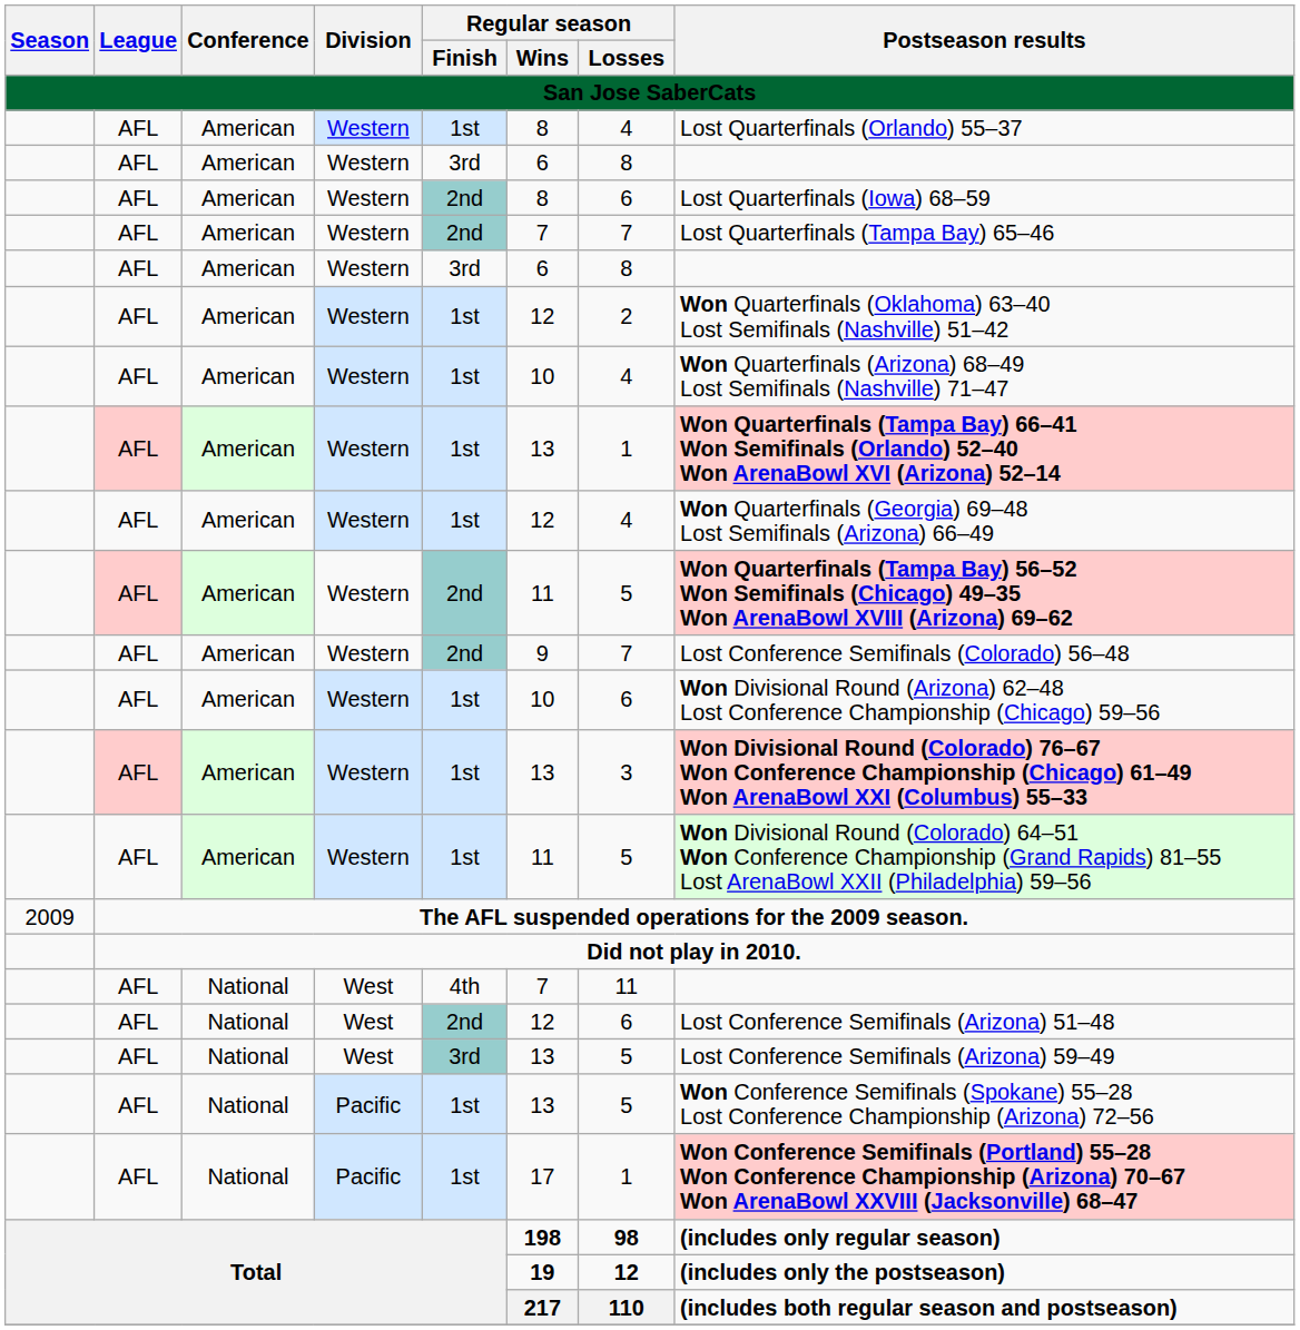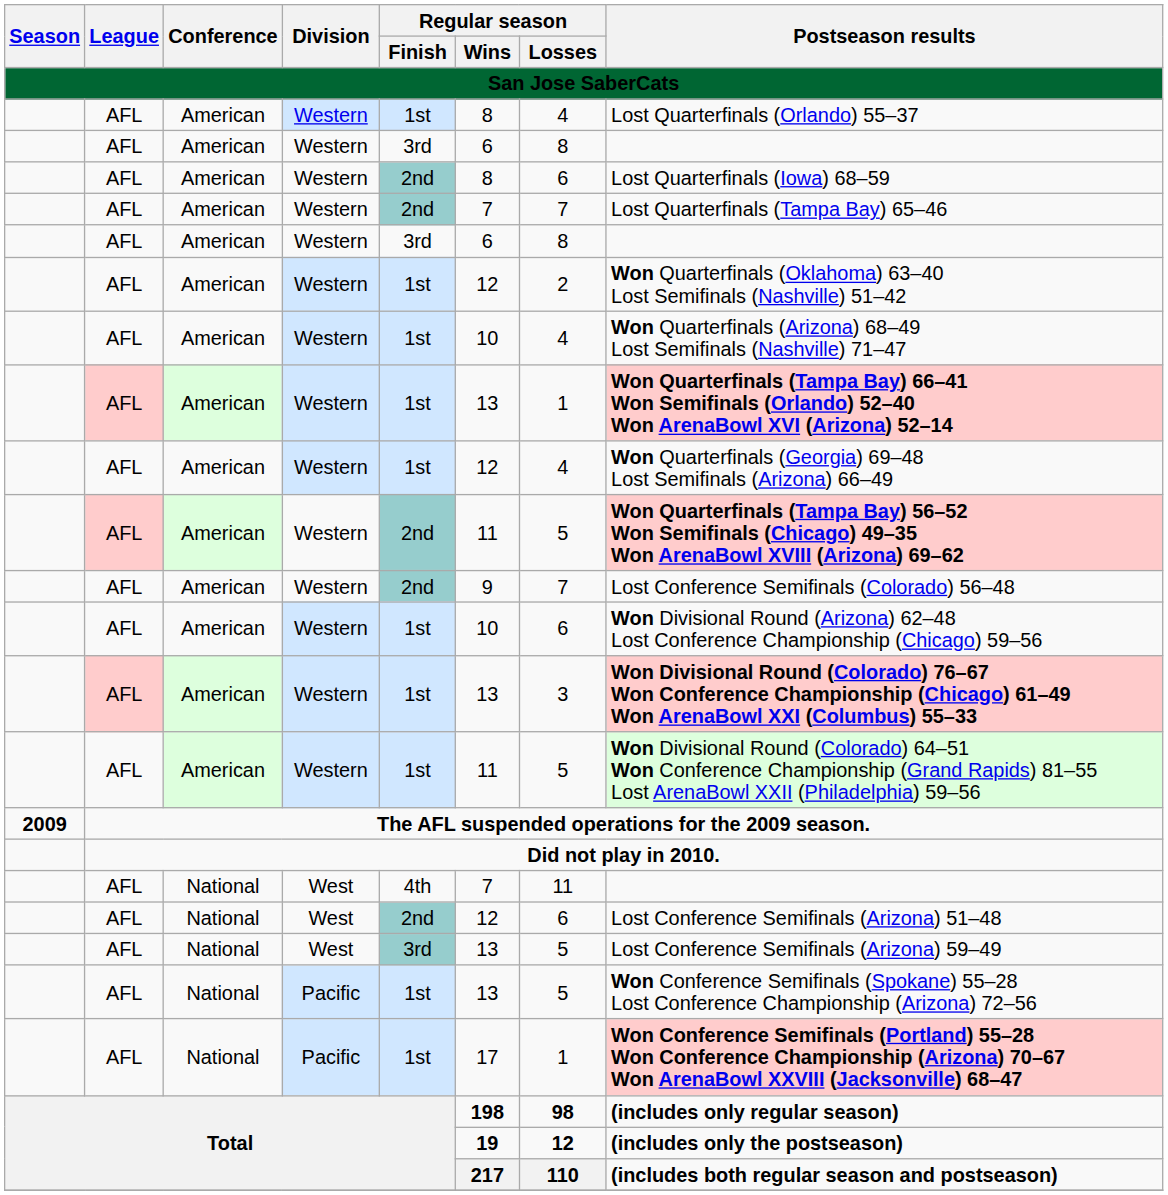 <table class="wikitable" style="font-size: 95%; width:70%;">
 <tr>
 <th rowspan="2" style="width:5%;"><a href='#'>Season</a></th>
 <th rowspan="2" style="width:5%;"><a href='#'>League</a></th>
 <th rowspan="2" style="width:5%;">Conference</th>
 <th rowspan="2">Division</th>
 <th colspan="3">Regular season</th>
 <th rowspan="2">Postseason results</th>
 </tr>
 <tr>
 <th>Finish</th>
 <th>Wins</th>
 <th>Losses</th>
 </tr>
 <tr>
 <td Colspan="8" align=center style="background:#063"><strong><span>San Jose SaberCats</span></strong></td>
 </tr>
 <tr>
 <td align="center"></td>
 <td align="center">AFL</td>
 <td align="center">American</td>
 <td align="center" bgcolor="#D0E7FF"><a href='#'>Western</a></td>
 <td align="center" bgcolor="#D0E7FF">1st</td>
 <td align="center">8</td>
 <td align="center">4</td>
 <td>Lost Quarterfinals (<a href='#'>Orlando</a>) 55–37</td>
 </tr>
 <tr>
 <td align="center"></td>
 <td align="center">AFL</td>
 <td align="center">American</td>
 <td align="center">Western</td>
 <td align="center">3rd</td>
 <td align="center">6</td>
 <td align="center">8</td>
 <td></td>
 </tr>
 <tr>
 <td align="center"></td>
 <td align="center">AFL</td>
 <td align="center">American</td>
 <td align="center">Western</td>
 <td align="center" bgcolor="#96CDCD">2nd</td>
 <td align="center">8</td>
 <td align="center">6</td>
 <td>Lost Quarterfinals (<a href='#'>Iowa</a>) 68–59</td>
 </tr>
 <tr>
 <td align="center"></td>
 <td align="center">AFL</td>
 <td align="center">American</td>
 <td align="center">Western</td>
 <td align="center" bgcolor="#96CDCD">2nd</td>
 <td align="center">7</td>
 <td align="center">7</td>
 <td>Lost Quarterfinals (<a href='#'>Tampa Bay</a>) 65–46</td>
 </tr>
 <tr>
 <td align="center"></td>
 <td align="center">AFL</td>
 <td align="center">American</td>
 <td align="center">Western</td>
 <td align="center">3rd</td>
 <td align="center">6</td>
 <td align="center">8</td>
 <td></td>
 </tr>
 <tr>
 <td align="center"></td>
 <td align="center">AFL</td>
 <td align="center">American</td>
 <td align="center" bgcolor="#D0E7FF">Western</td>
 <td align="center" bgcolor="#D0E7FF">1st</td>
 <td align="center">12</td>
 <td align="center">2</td>
 <td><strong>Won</strong> Quarterfinals (<a href='#'>Oklahoma</a>) 63–40 <br> Lost Semifinals (<a href='#'>Nashville</a>) 51–42</td>
 </tr>
 <tr>
 <td align="center"></td>
 <td align="center">AFL</td>
 <td align="center">American</td>
 <td align="center" bgcolor="#D0E7FF">Western</td>
 <td align="center" bgcolor="#D0E7FF">1st</td>
 <td align="center">10</td>
 <td align="center">4</td>
 <td><strong>Won</strong> Quarterfinals (<a href='#'>Arizona</a>) 68–49 <br> Lost Semifinals (<a href='#'>Nashville</a>) 71–47</td>
 </tr>
 <tr>
 <td align="center"></td>
 <td align="center" bgcolor="#FFCCCC">AFL</td>
 <td align="center" bgcolor="#DDFFDD">American</td>
 <td align="center" bgcolor="#D0E7FF">Western</td>
 <td align="center" bgcolor="#D0E7FF">1st</td>
 <td align="center">13</td>
 <td align="center">1</td>
 <td bgcolor="#FFCCCC"><strong>Won Quarterfinals (<a href='#'>Tampa Bay</a>) 66–41 <br> Won Semifinals (<a href='#'>Orlando</a>) 52–40 <br> Won <a href='#'>ArenaBowl XVI</a> (<a href='#'>Arizona</a>) 52–14</strong></td>
 </tr>
 <tr>
 <td align="center"></td>
 <td align="center">AFL</td>
 <td align="center">American</td>
 <td align="center" bgcolor="#D0E7FF">Western</td>
 <td align="center" bgcolor="#D0E7FF">1st</td>
 <td align="center">12</td>
 <td align="center">4</td>
 <td><strong>Won</strong> Quarterfinals (<a href='#'>Georgia</a>) 69–48 <br> Lost Semifinals (<a href='#'>Arizona</a>) 66–49</td>
 </tr>
 <tr>
 <td align="center"></td>
 <td align="center" bgcolor="#FFCCCC">AFL</td>
 <td align="center" bgcolor="#DDFFDD">American</td>
 <td align="center">Western</td>
 <td align="center" bgcolor="#96CDCD">2nd</td>
 <td align="center">11</td>
 <td align="center">5</td>
 <td bgcolor="#FFCCCC"><strong>Won Quarterfinals (<a href='#'>Tampa Bay</a>) 56–52 <br> Won Semifinals (<a href='#'>Chicago</a>) 49–35 <br> Won <a href='#'>ArenaBowl XVIII</a> (<a href='#'>Arizona</a>) 69–62</strong></td>
 </tr>
 <tr>
 <td align="center"></td>
 <td align="center">AFL</td>
 <td align="center">American</td>
 <td align="center">Western</td>
 <td align="center" bgcolor="#96CDCD">2nd</td>
 <td align="center">9</td>
 <td align="center">7</td>
 <td>Lost Conference Semifinals (<a href='#'>Colorado</a>) 56–48</td>
 </tr>
 <tr>
 <td align="center"></td>
 <td align="center">AFL</td>
 <td align="center">American</td>
 <td align="center" bgcolor="#D0E7FF">Western</td>
 <td align="center" bgcolor="#D0E7FF">1st</td>
 <td align="center">10</td>
 <td align="center">6</td>
 <td><strong>Won</strong> Divisional Round (<a href='#'>Arizona</a>) 62–48 <br> Lost Conference Championship (<a href='#'>Chicago</a>) 59–56</td>
 </tr>
 <tr>
 <td align="center"></td>
 <td align="center" bgcolor="#FFCCCC">AFL</td>
 <td align="center" bgcolor="#DDFFDD">American</td>
 <td align="center" bgcolor="#D0E7FF">Western</td>
 <td align="center" bgcolor="#D0E7FF">1st</td>
 <td align="center">13</td>
 <td align="center">3</td>
 <td bgcolor="#FFCCCC"><strong>Won Divisional Round (<a href='#'>Colorado</a>) 76–67 <br> Won Conference Championship (<a href='#'>Chicago</a>) 61–49 <br> Won <a href='#'>ArenaBowl XXI</a> (<a href='#'>Columbus</a>) 55–33</strong></td>
 </tr>
 <tr>
 <td align="center"></td>
 <td align="center">AFL</td>
 <td align="center" bgcolor="#DDFFDD">American</td>
 <td align="center" bgcolor="#D0E7FF">Western</td>
 <td align="center" bgcolor="#D0E7FF">1st</td>
 <td align="center">11</td>
 <td align="center">5</td>
 <td bgcolor="#DDFFDD"><strong>Won</strong> Divisional Round (<a href='#'>Colorado</a>) 64–51 <br> <strong>Won</strong> Conference Championship (<a href='#'>Grand Rapids</a>) 81–55 <br> Lost <a href='#'>ArenaBowl XXII</a> (<a href='#'>Philadelphia</a>) 59–56</td>
 </tr>
 <tr>
-<td align="center">2009</td>
+<td align="center"><strong>2009</strong></td>
 <td align="center" Colspan="8"><strong>The AFL suspended operations for the 2009 season.</strong></td>
 </tr>
 <tr>
 <td align="center"></td>
 <td align="center" Colspan="8"><strong>Did not play in 2010.</strong></td>
 </tr>
 <tr>
 <td align="center"></td>
 <td align="center">AFL</td>
 <td align="center">National</td>
 <td align="center">West</td>
 <td align="center">4th</td>
 <td align="center">7</td>
 <td align="center">11</td>
 <td></td>
 </tr>
 <tr>
 <td align="center"></td>
 <td align="center">AFL</td>
 <td align="center">National</td>
 <td align="center">West</td>
 <td align="center" bgcolor="#96CDCD">2nd</td>
 <td align="center">12</td>
 <td align="center">6</td>
 <td>Lost Conference Semifinals (<a href='#'>Arizona</a>) 51–48</td>
 </tr>
 <tr>
 <td align="center"></td>
 <td align="center">AFL</td>
 <td align="center">National</td>
 <td align="center">West</td>
 <td align="center" bgcolor="#96CDCD">3rd</td>
 <td align="center">13</td>
 <td align="center">5</td>
 <td>Lost Conference Semifinals (<a href='#'>Arizona</a>) 59–49</td>
 </tr>
 <tr>
 <td align="center"></td>
 <td align="center">AFL</td>
 <td align="center">National</td>
 <td align="center" bgcolor="#D0E7FF">Pacific</td>
 <td align="center" bgcolor="#D0E7FF">1st</td>
 <td align="center">13</td>
 <td align="center">5</td>
 <td><strong>Won</strong> Conference Semifinals (<a href='#'>Spokane</a>) 55–28 <br> Lost Conference Championship (<a href='#'>Arizona</a>) 72–56</td>
 </tr>
 <tr>
 <td align="center"></td>
 <td align="center">AFL</td>
 <td align="center">National</td>
 <td align="center" bgcolor="#D0E7FF">Pacific</td>
 <td align="center" bgcolor="#D0E7FF">1st</td>
 <td align="center">17</td>
 <td align="center">1</td>
 <td bgcolor="#FFCCCC"><strong>Won Conference Semifinals (<a href='#'>Portland</a>) 55–28 <br> Won Conference Championship (<a href='#'>Arizona</a>) 70–67 <br> Won <a href='#'>ArenaBowl XXVIII</a> (<a href='#'>Jacksonville</a>) 68–47</strong></td>
 </tr>
 <tr>
 <th align="center" rowSpan="3" colSpan="5">Total</th>
 <td align="center"><strong>198</strong></td>
 <td align="center"><strong>98</strong></td>
 <td colSpan="2"><strong>(includes only regular season)</strong></td>
 </tr>
 <tr>
 <td align="center"><strong>19</strong></td>
 <td align="center"><strong>12</strong></td>
 <td colSpan="2"><strong>(includes only the postseason)</strong></td>
 </tr>
 <tr>
 <th align="center">217</th>
 <th align="center">110</th>
 <td colSpan="2"><strong>(includes both regular season and postseason)</strong></td>
 </tr>
 <tr>
 </tr>
 </table>
